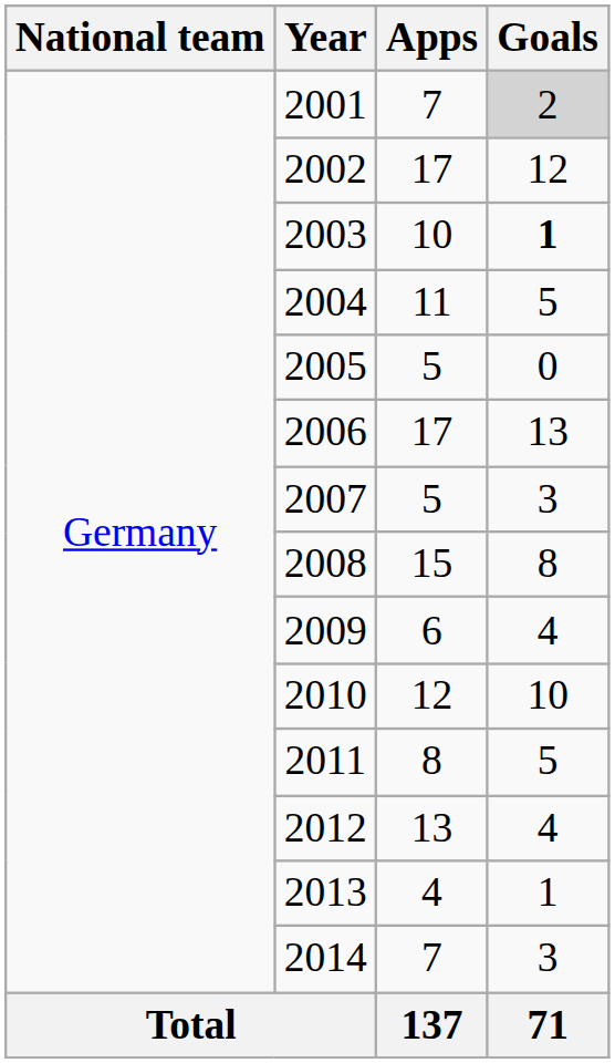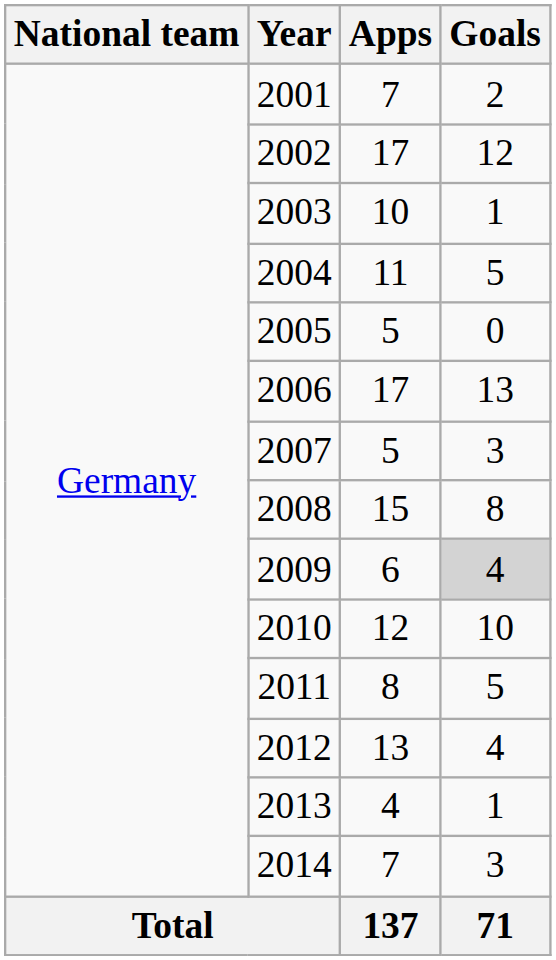 <table class="wikitable" style="text-align:center">
 <tr>
 <th>National team</th>
 <th>Year</th>
 <th>Apps</th>
 <th>Goals</th>
 </tr>
 <tr>
 <td rowspan="14"><a href='#'>Germany</a></td>
 <td>2001</td>
 <td>7</td>
-<td style="background: lightgrey;">2</td>
+<td>2</td>
 </tr>
 <tr>
 <td>2002</td>
 <td>17</td>
 <td>12</td>
 </tr>
 <tr>
 <td>2003</td>
 <td>10</td>
-<td><strong>1</strong></td>
+<td>1</td>
 </tr>
 <tr>
 <td>2004</td>
 <td>11</td>
 <td>5</td>
 </tr>
 <tr>
 <td>2005</td>
 <td>5</td>
 <td>0</td>
 </tr>
 <tr>
 <td>2006</td>
 <td>17</td>
 <td>13</td>
 </tr>
 <tr>
 <td>2007</td>
 <td>5</td>
 <td>3</td>
 </tr>
 <tr>
 <td>2008</td>
 <td>15</td>
 <td>8</td>
 </tr>
 <tr>
 <td>2009</td>
 <td>6</td>
-<td>4</td>
+<td style="background: lightgrey;">4</td>
 </tr>
 <tr>
 <td>2010</td>
 <td>12</td>
 <td>10</td>
 </tr>
 <tr>
 <td>2011</td>
 <td>8</td>
 <td>5</td>
 </tr>
 <tr>
 <td>2012</td>
 <td>13</td>
 <td>4</td>
 </tr>
 <tr>
 <td>2013</td>
 <td>4</td>
 <td>1</td>
 </tr>
 <tr>
 <td>2014</td>
 <td>7</td>
 <td>3</td>
 </tr>
 <tr>
 <th colspan="2">Total</th>
 <th>137</th>
 <th>71</th>
 </tr>
 </table>
